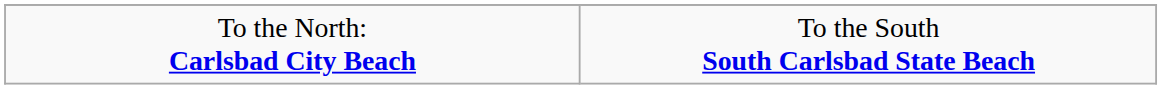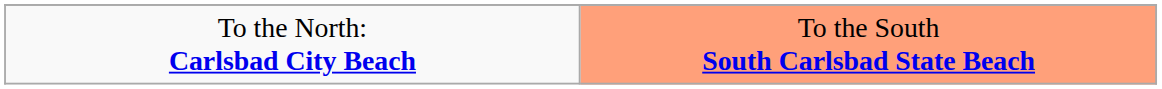 <table class="wikitable" style="margin: 0.5em auto; clear: both; font-size:95%;">
 <tr style="text-align: center;">
 </tr>
 <tr style="text-align: center;">
 <td width="30%" align="center" rowspan="1">To the North:<br><strong><a href='#'>Carlsbad City Beach</a></strong><br></td>
-<td width="30%" align="center" rowspan="1">To the South<br><strong><a href='#'>South Carlsbad State Beach</a></strong></td>
+<td width="30%" align="center" rowspan="1" style="background: lightsalmon;">To the South<br><strong><a href='#'>South Carlsbad State Beach</a></strong></td>
 </tr>
 </table>
